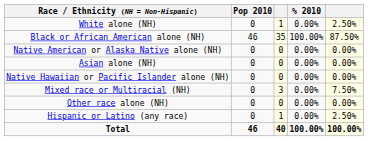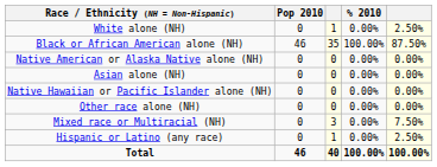 <table class="wikitable" style="text-align:center;">
 <tr>
 <th>Race / Ethnicity <small>(<em>NH = Non-Hispanic</em>)</small></th>
 <th>Pop 2010</th>
 <th></th>
 <th>% 2010</th>
 <th></th>
 </tr>
 <tr>
 <td><a href='#'>White</a> alone (NH)</td>
 <td>0</td>
 <td style='background: #ffffe6;'>1</td>
 <td>0.00%</td>
 <td style='background: #ffffe6;'>2.50%</td>
 </tr>
 <tr>
 <td><a href='#'>Black or African American</a> alone (NH)</td>
 <td>46</td>
 <td style='background: #ffffe6;'>35</td>
 <td>100.00%</td>
 <td style='background: #ffffe6;'>87.50%</td>
 </tr>
 <tr>
 <td><a href='#'>Native American</a> or <a href='#'>Alaska Native</a> alone (NH)</td>
 <td>0</td>
 <td style='background: #ffffe6;'>0</td>
 <td>0.00%</td>
 <td style='background: #ffffe6;'>0.00%</td>
 </tr>
 <tr>
 <td><a href='#'>Asian</a> alone (NH)</td>
 <td>0</td>
 <td style='background: #ffffe6;'>0</td>
 <td>0.00%</td>
 <td style='background: #ffffe6;'>0.00%</td>
 </tr>
 <tr>
 <td><a href='#'>Native Hawaiian</a> or <a href='#'>Pacific Islander</a> alone (NH)</td>
 <td>0</td>
 <td style='background: #ffffe6;'>0</td>
 <td>0.00%</td>
 <td style='background: #ffffe6;'>0.00%</td>
 </tr>
 <tr>
+<td><a href='#'>Other race</a> alone (NH)</td>
+<td>0</td>
+<td style='background: #ffffe6;'>0</td>
+<td>0.00%</td>
+<td style='background: #ffffe6;'>0.00%</td>
+</tr>
+<tr>
 <td><a href='#'>Mixed race or Multiracial</a> (NH)</td>
 <td>0</td>
 <td style='background: #ffffe6;'>3</td>
 <td>0.00%</td>
 <td style='background: #ffffe6;'>7.50%</td>
-</tr>
-<tr>
-<td><a href='#'>Other race</a> alone (NH)</td>
-<td>0</td>
-<td style='background: #ffffe6;'>0</td>
-<td>0.00%</td>
-<td style='background: #ffffe6;'>0.00%</td>
 </tr>
 <tr>
 <td><a href='#'>Hispanic or Latino</a> (any race)</td>
 <td>0</td>
 <td style='background: #ffffe6;'>1</td>
 <td>0.00%</td>
 <td style='background: #ffffe6;'>2.50%</td>
 </tr>
 <tr>
 <td><strong>Total</strong></td>
 <td><strong>46</strong></td>
 <td style='background: #ffffe6;'><strong>40</strong></td>
 <td><strong>100.00%</strong></td>
 <td style='background: #ffffe6;'><strong>100.00%</strong></td>
 </tr>
 </table>
